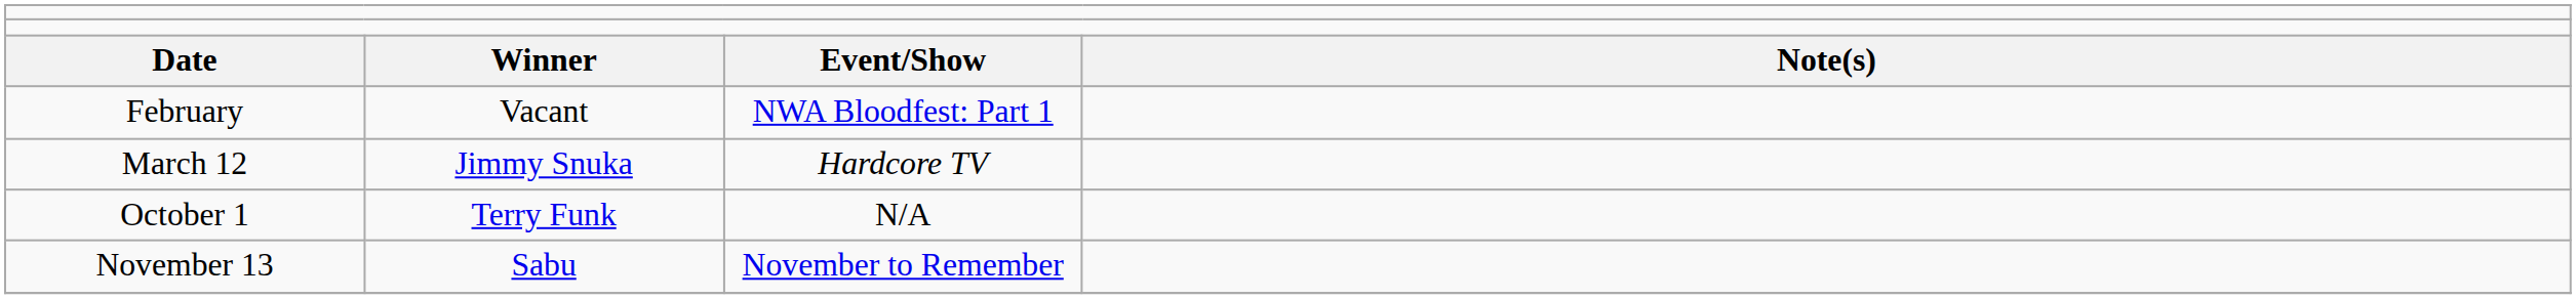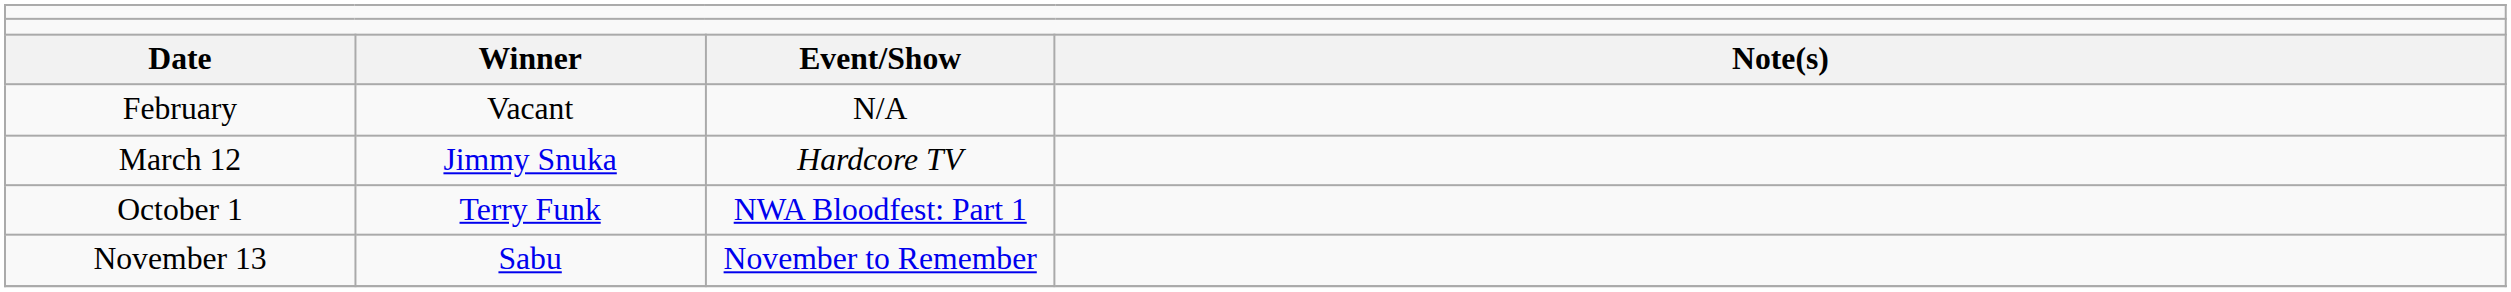 <table class="wikitable" style="text-align:center; width:100%;">
 <tr>
 <td colspan="5"></td>
 </tr>
 <tr>
 <td colspan="5"><strong></strong></td>
 </tr>
 <tr>
 <th width=14%>Date</th>
 <th width=14%>Winner</th>
 <th width=14%>Event/Show</th>
 <th width=58%>Note(s)</th>
 </tr>
 <tr>
 <td>February</td>
 <td>Vacant</td>
-<td><a href='#'>NWA Bloodfest: Part 1</a></td>
+<td>N/A</td>
 <td align=left></td>
 </tr>
 <tr>
 <td>March 12</td>
 <td><a href='#'>Jimmy Snuka</a></td>
 <td><em>Hardcore TV</em></td>
 <td align=left></td>
 </tr>
 <tr>
 <td>October 1</td>
 <td><a href='#'>Terry Funk</a></td>
-<td>N/A</td>
+<td><a href='#'>NWA Bloodfest: Part 1</a></td>
 <td align=left></td>
 </tr>
 <tr>
 <td>November 13</td>
 <td><a href='#'>Sabu</a></td>
 <td><a href='#'>November to Remember</a></td>
 <td align=left></td>
 </tr>
 <tr>
 </tr>
 </table>
